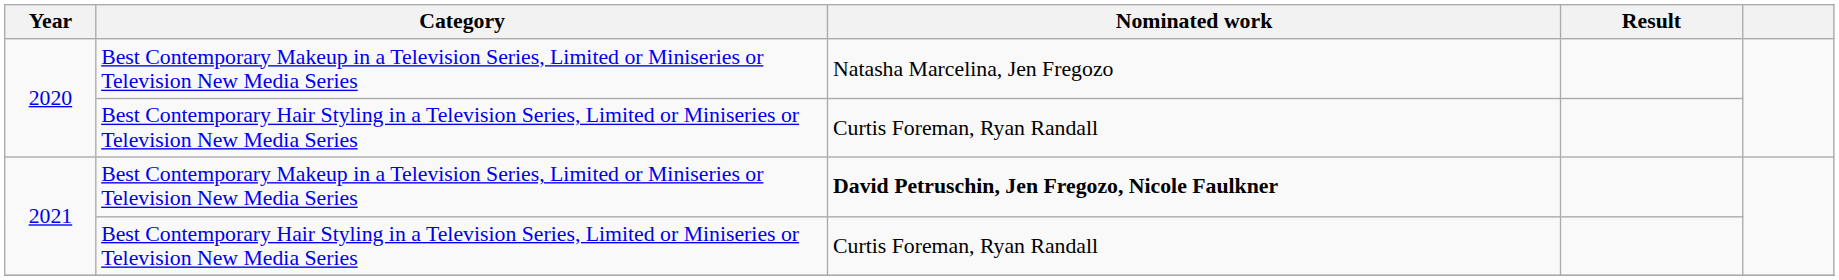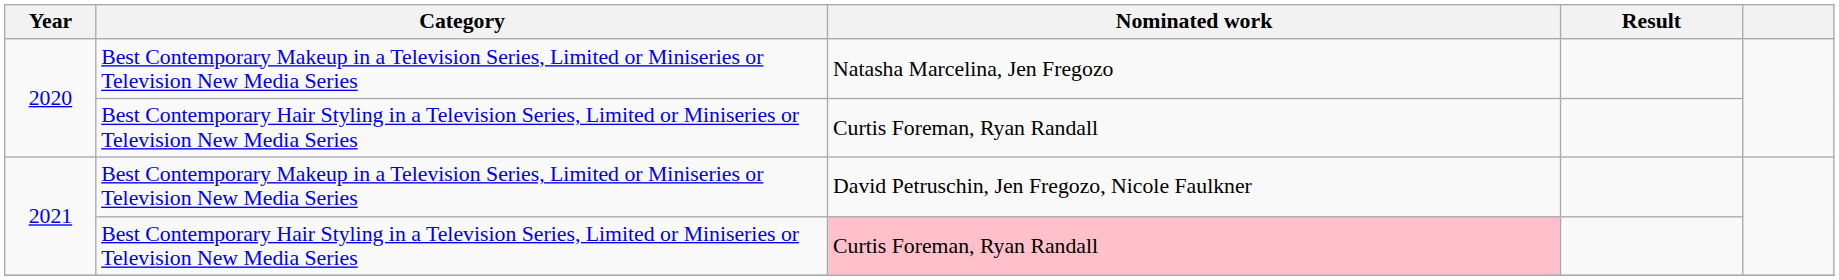 <table class="wikitable" style="width:85%;">
 <tr>
 <th width=5%>Year</th>
 <th style="width:40%;">Category</th>
 <th style="width:40%;">Nominated work</th>
 <th style="width:10%;">Result</th>
 <th width=5%></th>
 </tr>
 <tr>
 <td rowspan="2" style="text-align: center;"><a href='#'>2020</a></td>
 <td><a href='#'>Best Contemporary Makeup in a Television Series, Limited or Miniseries or Television New Media Series</a></td>
 <td>Natasha Marcelina, Jen Fregozo</td>
 <td></td>
 <td rowspan="2"></td>
 </tr>
 <tr>
 <td><a href='#'>Best Contemporary Hair Styling in a Television Series, Limited or Miniseries or Television New Media Series</a></td>
 <td>Curtis Foreman, Ryan Randall</td>
 <td></td>
 </tr>
 <tr>
 <td rowspan="2" style="text-align: center;"><a href='#'>2021</a></td>
 <td><a href='#'>Best Contemporary Makeup in a Television Series, Limited or Miniseries or Television New Media Series</a></td>
-<td><strong>David Petruschin, Jen Fregozo, Nicole Faulkner</strong></td>
+<td>David Petruschin, Jen Fregozo, Nicole Faulkner</td>
 <td></td>
 <td rowspan="2"></td>
 </tr>
 <tr>
 <td><a href='#'>Best Contemporary Hair Styling in a Television Series, Limited or Miniseries or Television New Media Series</a></td>
-<td>Curtis Foreman, Ryan Randall</td>
+<td style="background: pink;">Curtis Foreman, Ryan Randall</td>
 <td></td>
 </tr>
 <tr>
 </tr>
 </table>
